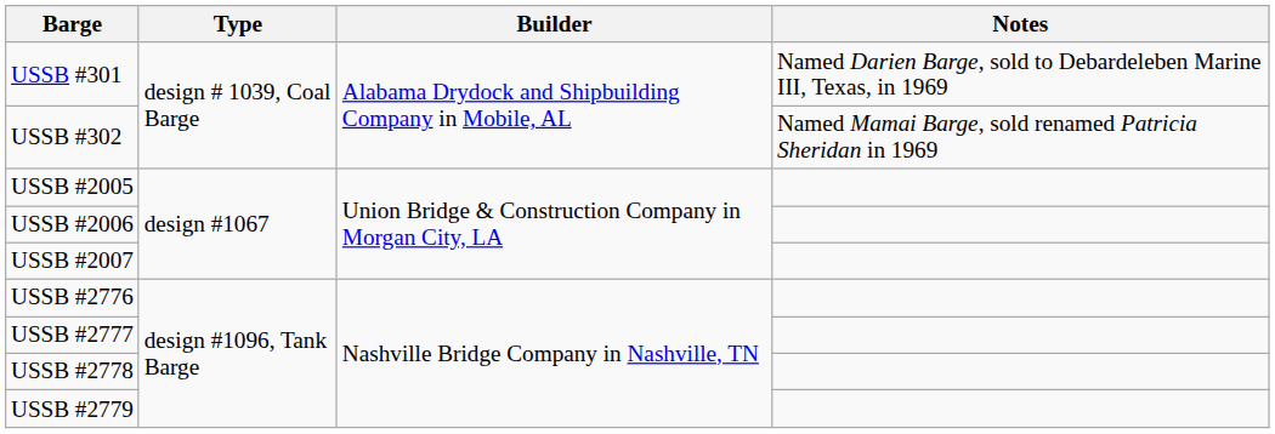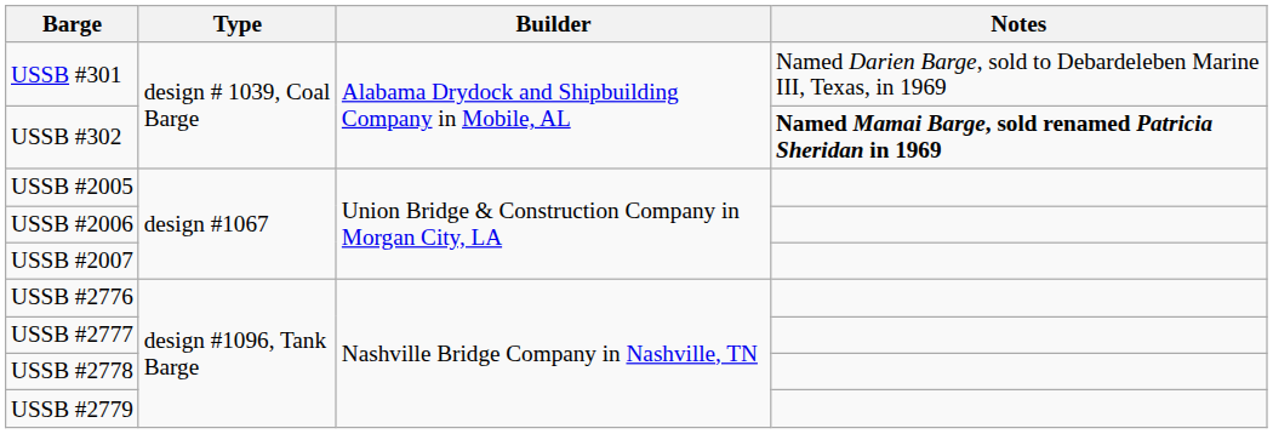 <table class="wikitable">
 <tr>
 <th>Barge</th>
 <th>Type</th>
 <th>Builder</th>
 <th>Notes</th>
 </tr>
 <tr>
 <td><a href='#'>USSB</a> #301</td>
 <td rowspan="2">design # 1039, Coal Barge</td>
 <td rowspan="2"><a href='#'>Alabama Drydock and Shipbuilding Company</a> in <a href='#'>Mobile, AL</a></td>
 <td>Named <em>Darien Barge</em>, sold to Debardeleben Marine III, Texas, in 1969</td>
 </tr>
 <tr>
 <td>USSB #302</td>
-<td>Named <em>Mamai Barge</em>, sold renamed <em>Patricia Sheridan</em> in 1969</td>
+<td><strong>Named <em>Mamai Barge</em>, sold renamed <em>Patricia Sheridan</em> in 1969</strong></td>
 </tr>
 <tr>
 <td>USSB #2005</td>
 <td rowspan="3">design #1067</td>
 <td rowspan="3">Union Bridge & Construction Company in <a href='#'>Morgan City, LA</a></td>
 <td></td>
 </tr>
 <tr>
 <td>USSB #2006</td>
 <td></td>
 </tr>
 <tr>
 <td>USSB #2007</td>
 <td></td>
 </tr>
 <tr>
 <td>USSB #2776</td>
 <td rowspan="4">design #1096, Tank Barge</td>
 <td rowspan="4">Nashville Bridge Company in <a href='#'>Nashville, TN</a></td>
 <td></td>
 </tr>
 <tr>
 <td>USSB #2777</td>
 <td></td>
 </tr>
 <tr>
 <td>USSB #2778</td>
 <td></td>
 </tr>
 <tr>
 <td>USSB #2779</td>
 <td></td>
 </tr>
 </table>
